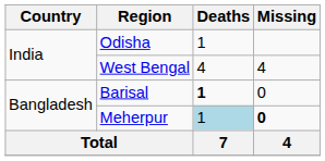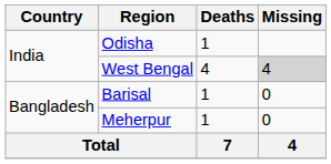 <table class="wikitable" style="float: right; margin:0 1em 0.5em 1em;">
 <tr>
 <th>Country</th>
 <th>Region</th>
 <th>Deaths</th>
 <th>Missing</th>
 </tr>
 <tr>
 <td rowspan="2">India</td>
 <td><a href='#'>Odisha</a></td>
 <td>1 </td>
 <td></td>
 </tr>
 <tr>
 <td><a href='#'>West Bengal</a></td>
 <td>4</td>
-<td>4</td>
+<td style="background: lightgrey;">4</td>
 </tr>
 <tr>
 <td rowspan="2">Bangladesh</td>
 <td><a href='#'>Barisal</a></td>
-<td><strong>1</strong></td>
+<td>1</td>
 <td>0</td>
 </tr>
 <tr>
 <td><a href='#'>Meherpur</a></td>
-<td style="background: lightblue;">1</td>
-<td><strong>0</strong></td>
+<td>1</td>
+<td>0</td>
 </tr>
 <tr>
 <th colspan="2">Total</th>
 <th>7</th>
 <th>4</th>
 </tr>
 <tr>
 </tr>
 </table>
